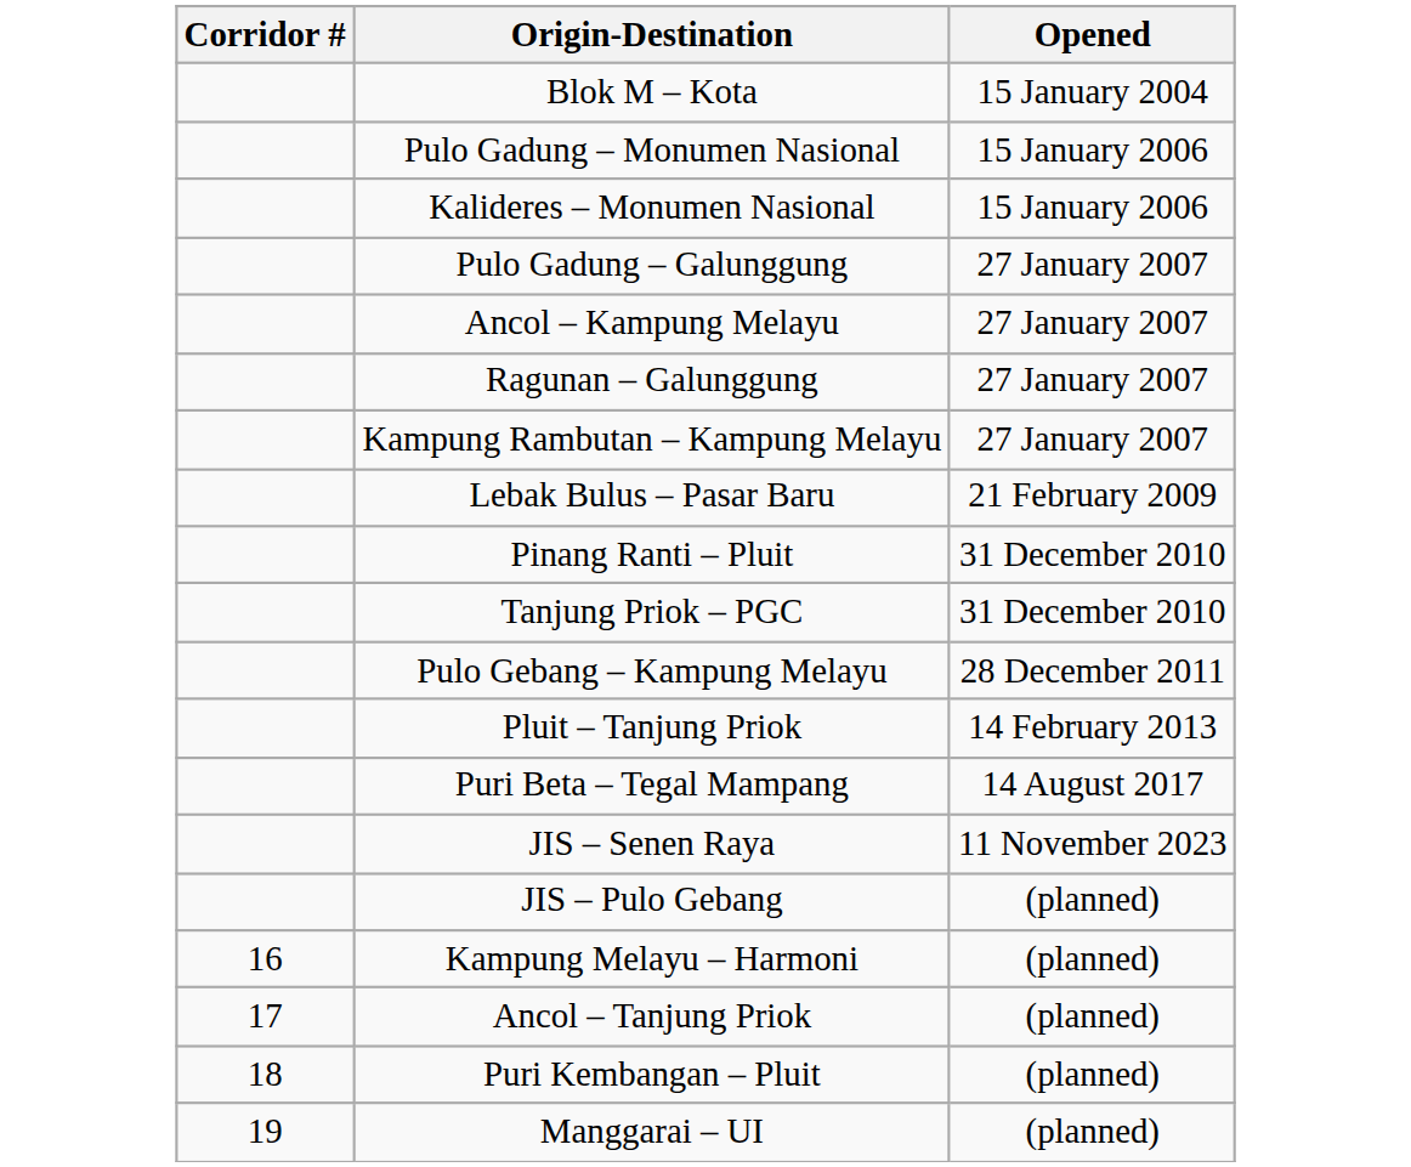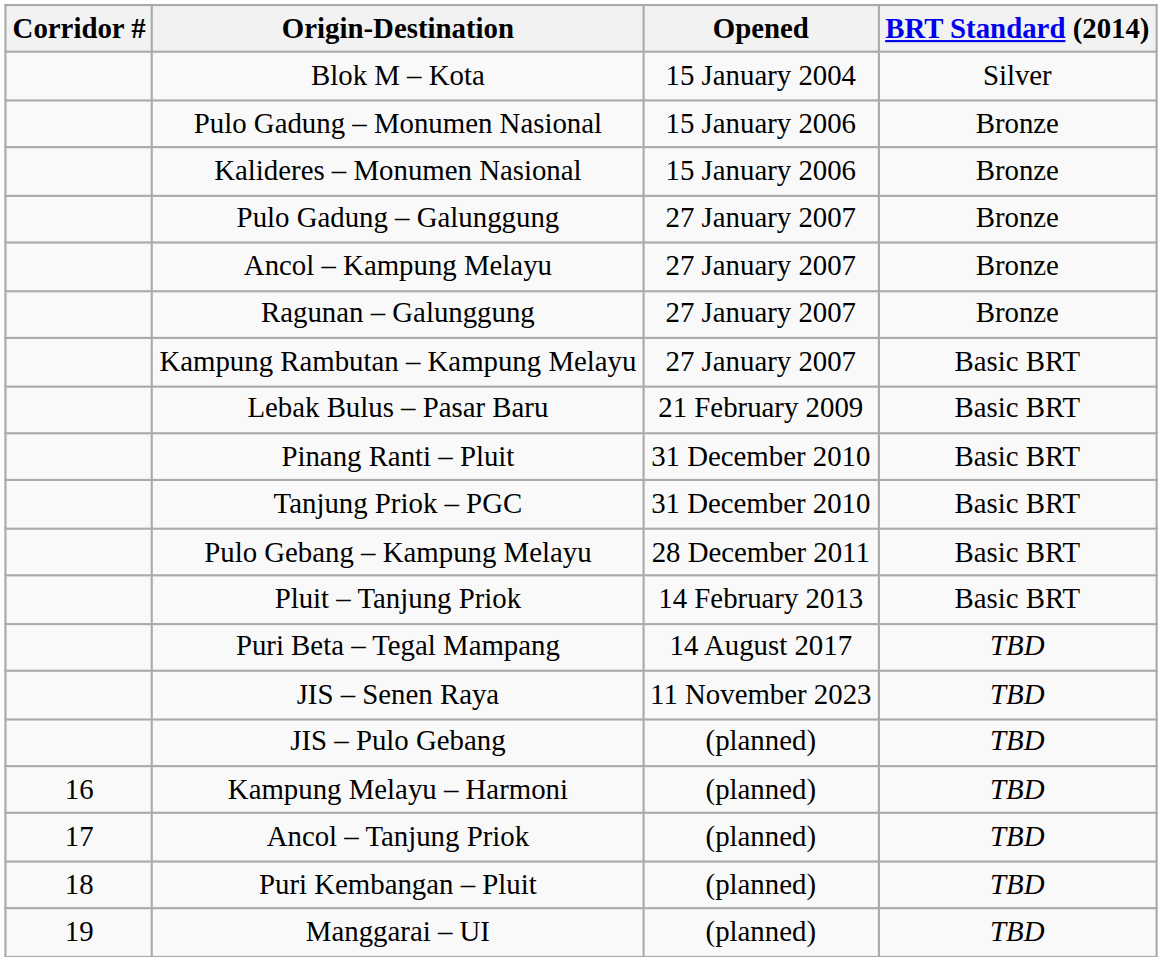 <table class="wikitable"; style="margin:auto; font-align:center; text-align:center; font-size:85%">
 <tr>
 <th>Corridor #</th>
 <th>Origin-Destination</th>
 <th>Opened</th>
+<th><a href='#'>BRT Standard</a> (2014)</th>
 </tr>
 <tr>
 <td align="center"></td>
 <td>Blok M – Kota</td>
 <td>15 January 2004</td>
+<td>Silver</td>
 </tr>
 <tr>
 <td align="center"></td>
 <td>Pulo Gadung – Monumen Nasional</td>
 <td>15 January 2006</td>
+<td>Bronze</td>
 </tr>
 <tr>
 <td align="center"></td>
 <td>Kalideres – Monumen Nasional</td>
 <td>15 January 2006</td>
+<td>Bronze</td>
 </tr>
 <tr>
 <td align="center"></td>
 <td>Pulo Gadung – Galunggung</td>
 <td>27 January 2007</td>
+<td>Bronze</td>
 </tr>
 <tr>
 <td align="center"></td>
 <td>Ancol – Kampung Melayu</td>
 <td>27 January 2007</td>
+<td>Bronze</td>
 </tr>
 <tr>
 <td align="center"></td>
 <td>Ragunan – Galunggung</td>
 <td>27 January 2007</td>
+<td>Bronze</td>
 </tr>
 <tr>
 <td align="center"></td>
 <td>Kampung Rambutan – Kampung Melayu</td>
 <td>27 January 2007</td>
+<td>Basic BRT</td>
 </tr>
 <tr>
 <td align="center"></td>
 <td>Lebak Bulus – Pasar Baru</td>
 <td>21 February 2009</td>
+<td>Basic BRT</td>
 </tr>
 <tr>
 <td align="center"></td>
 <td>Pinang Ranti – Pluit</td>
 <td>31 December 2010</td>
+<td>Basic BRT</td>
 </tr>
 <tr>
 <td align="center"></td>
 <td>Tanjung Priok – PGC</td>
 <td>31 December 2010</td>
+<td>Basic BRT</td>
 </tr>
 <tr>
 <td align="center"></td>
 <td>Pulo Gebang – Kampung Melayu</td>
 <td>28 December 2011</td>
+<td>Basic BRT</td>
 </tr>
 <tr>
 <td align="center"></td>
 <td>Pluit – Tanjung Priok</td>
 <td>14 February 2013</td>
+<td>Basic BRT</td>
 </tr>
 <tr>
 <td align="center"></td>
 <td>Puri Beta – Tegal Mampang</td>
 <td>14 August 2017</td>
+<td><em>TBD</em></td>
 </tr>
 <tr>
 <td align="center"></td>
 <td>JIS – Senen Raya</td>
 <td>11 November 2023</td>
+<td><em>TBD</em></td>
 </tr>
 <tr>
 <td align="center"></td>
 <td>JIS – Pulo Gebang </td>
 <td>(planned)</td>
+<td><em>TBD</em></td>
 </tr>
 <tr>
 <td align="center">16</td>
 <td>Kampung Melayu – Harmoni </td>
 <td>(planned)</td>
+<td><em>TBD</em></td>
 </tr>
 <tr>
 <td align="center">17</td>
 <td>Ancol – Tanjung Priok </td>
 <td>(planned)</td>
+<td><em>TBD</em></td>
 </tr>
 <tr>
 <td align="center">18</td>
 <td>Puri Kembangan – Pluit </td>
 <td>(planned)</td>
+<td><em>TBD</em></td>
 </tr>
 <tr>
 <td align="center">19</td>
 <td>Manggarai – UI </td>
 <td>(planned)</td>
+<td><em>TBD</em></td>
 </tr>
 </table>
